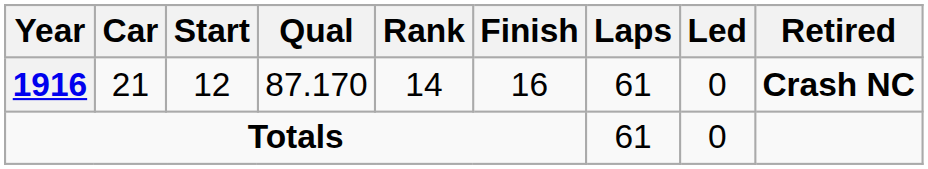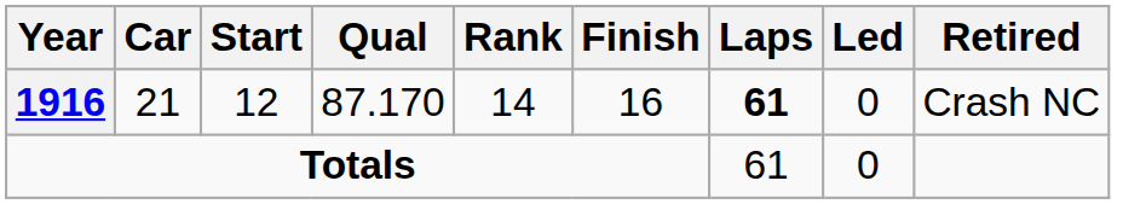 <table class="wikitable" style="text-align:center">
 <tr>
 <th>Year</th>
 <th>Car</th>
 <th>Start</th>
 <th>Qual</th>
 <th>Rank</th>
 <th>Finish</th>
 <th>Laps</th>
 <th>Led</th>
 <th>Retired</th>
 </tr>
 <tr>
 <th><a href='#'>1916</a></th>
 <td>21</td>
 <td>12</td>
 <td>87.170</td>
 <td>14</td>
 <td>16</td>
-<td>61</td>
+<td><strong>61</strong></td>
 <td>0</td>
-<td><strong>Crash NC</strong></td>
+<td>Crash NC</td>
 </tr>
 <tr>
 <td colspan=6><strong>Totals</strong></td>
 <td>61</td>
 <td>0</td>
 <td></td>
 </tr>
 </table>
